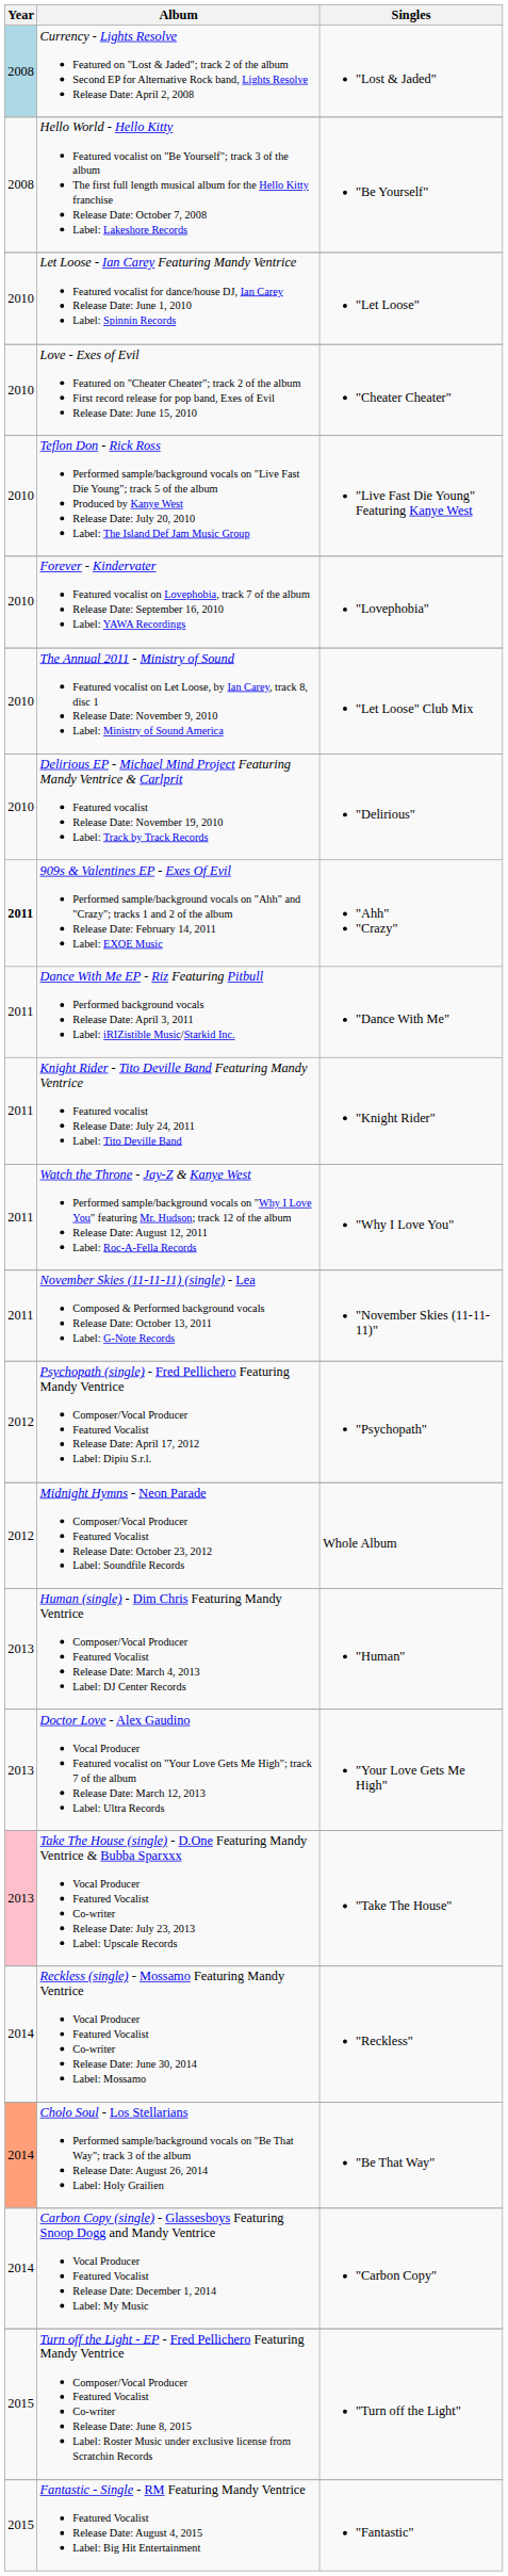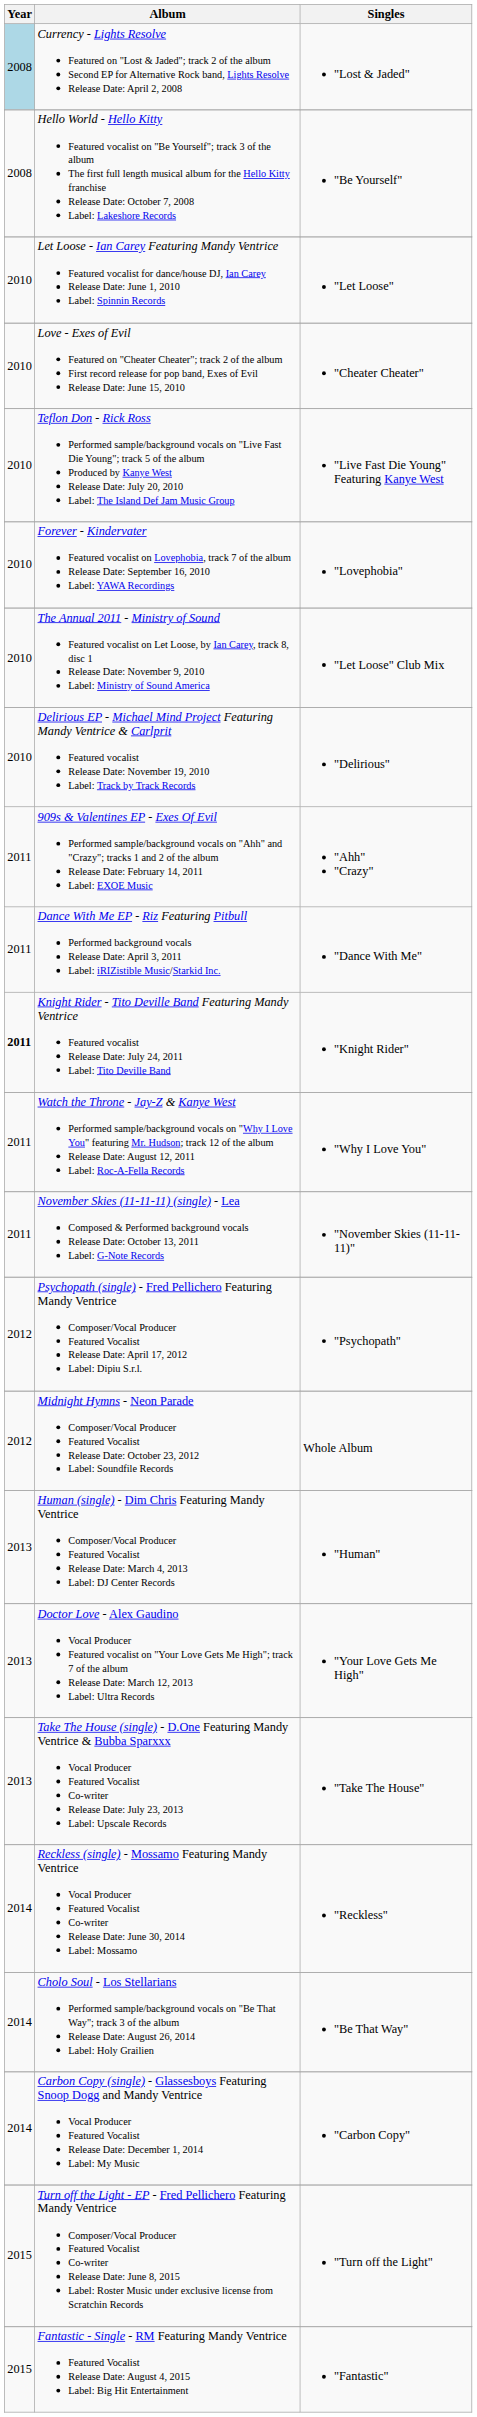 <table class="wikitable">
 <tr>
 <th>Year</th>
 <th>Album</th>
 <th>Singles</th>
 </tr>
 <tr>
 <td style="background: lightblue;">2008</td>
 <td><em>Currency -  <a href='#'>Lights Resolve</a></em><br><ul><li><small>Featured on "Lost & Jaded"; track 2 of the album</small></li><li><small>Second EP for Alternative Rock band, <a href='#'>Lights Resolve</a></small></li><li><small>Release Date: April 2, 2008</small></li></ul></td>
 <td><br><ul><li>"Lost & Jaded"</li></ul></td>
 </tr>
 <tr>
 </tr>
 <tr>
 <td>2008</td>
 <td><em>Hello World -  <a href='#'>Hello Kitty</a></em><br><ul><li><small>Featured vocalist on "Be Yourself"; track 3 of the album</small></li><li><small>The first full length musical album for the <a href='#'>Hello Kitty</a> franchise</small></li><li><small>Release Date: October 7, 2008</small></li><li><small>Label: <a href='#'>Lakeshore Records</a> </small></li></ul></td>
 <td><br><ul><li>"Be Yourself"</li></ul></td>
 </tr>
 <tr>
 </tr>
 <tr>
 <td>2010</td>
 <td><em>Let Loose - <a href='#'>Ian Carey</a> Featuring Mandy Ventrice</em><br><ul><li><small>Featured vocalist for dance/house DJ, <a href='#'>Ian Carey</a></small></li><li><small>Release Date: June 1, 2010</small></li><li><small>Label: <a href='#'>Spinnin Records</a> </small></li></ul></td>
 <td><br><ul><li>"Let Loose"</li></ul></td>
 </tr>
 <tr>
 </tr>
 <tr>
 <td>2010</td>
 <td><em>Love - Exes of Evil</em><br><ul><li><small>Featured on "Cheater Cheater"; track 2 of the album</small></li><li><small>First record release for pop band, Exes of Evil</small></li><li><small>Release Date: June 15, 2010</small></li></ul></td>
 <td><br><ul><li>"Cheater Cheater"</li></ul></td>
 </tr>
 <tr>
 </tr>
 <tr>
 <td>2010</td>
 <td><em><a href='#'>Teflon Don</a> - <a href='#'>Rick Ross</a></em><br><ul><li><small>Performed sample/background vocals on "Live Fast Die Young"; track 5 of the album</small></li><li><small>Produced by <a href='#'>Kanye West</a></small></li><li><small>Release Date: July 20, 2010</small></li><li><small>Label: <a href='#'>The Island Def Jam Music Group</a> </small></li></ul></td>
 <td><br><ul><li>"Live Fast Die Young" Featuring <a href='#'>Kanye West</a></li></ul></td>
 </tr>
 <tr>
 </tr>
 <tr>
 <td>2010</td>
 <td><em><a href='#'>Forever</a> -  <a href='#'>Kindervater</a></em><br><ul><li><small>Featured vocalist on <a href='#'>Lovephobia</a>, track 7 of the album</small></li><li><small>Release Date: September 16, 2010</small></li><li><small>Label: <a href='#'>YAWA Recordings</a> </small></li></ul></td>
 <td><br><ul><li>"Lovephobia"</li></ul></td>
 </tr>
 <tr>
 </tr>
 <tr>
 <td>2010</td>
 <td><em><a href='#'>The Annual 2011</a> -  <a href='#'>Ministry of Sound</a></em><br><ul><li><small>Featured vocalist on Let Loose, by <a href='#'>Ian Carey</a>, track 8, disc 1</small></li><li><small>Release Date: November 9, 2010</small></li><li><small>Label: <a href='#'>Ministry of Sound America</a> </small></li></ul></td>
 <td><br><ul><li>"Let Loose" Club Mix</li></ul></td>
 </tr>
 <tr>
 </tr>
 <tr>
 <td>2010</td>
 <td><em><a href='#'>Delirious EP</a> -  <a href='#'>Michael Mind Project</a> Featuring Mandy Ventrice & <a href='#'>Carlprit</a></em><br><ul><li><small>Featured vocalist</small></li><li><small>Release Date: November 19, 2010</small></li><li><small>Label: <a href='#'>Track by Track Records</a> </small></li></ul></td>
 <td><br><ul><li>"Delirious"</li></ul></td>
 </tr>
 <tr>
-<td><strong>2011</strong></td>
+<td>2011</td>
 <td><em><a href='#'>909s & Valentines EP</a> -  <a href='#'>Exes Of Evil</a></em><br><ul><li><small>Performed sample/background vocals on "Ahh" and "Crazy"; tracks 1 and 2 of the album</small></li><li><small>Release Date: February 14, 2011</small></li><li><small>Label: <a href='#'>EXOE Music</a> </small></li></ul></td>
 <td><br><ul><li>"Ahh"</li><li>"Crazy"</li></ul></td>
 </tr>
 <tr>
 <td>2011</td>
 <td><em><a href='#'>Dance With Me EP</a> -  <a href='#'>Riz</a> Featuring <a href='#'>Pitbull</a></em><br><ul><li><small>Performed background vocals</small></li><li><small>Release Date: April 3, 2011</small></li><li><small>Label: <a href='#'>iRIZistible Music</a>/<a href='#'>Starkid Inc.</a> </small></li></ul></td>
 <td><br><ul><li>"Dance With Me"</li></ul></td>
 </tr>
 <tr>
-<td>2011</td>
+<td><strong>2011</strong></td>
 <td><em><a href='#'>Knight Rider</a> -  <a href='#'>Tito Deville Band</a> Featuring Mandy Ventrice</em><br><ul><li><small>Featured vocalist</small></li><li><small>Release Date: July 24, 2011</small></li><li><small>Label: <a href='#'>Tito Deville Band</a> </small></li></ul></td>
 <td><br><ul><li>"Knight Rider"</li></ul></td>
 </tr>
 <tr>
 </tr>
 <tr>
 <td>2011</td>
 <td><em><a href='#'>Watch the Throne</a> - <a href='#'>Jay-Z</a> & <a href='#'>Kanye West</a></em><br><ul><li><small>Performed sample/background vocals on "<a href='#'>Why I Love You</a>" featuring <a href='#'>Mr. Hudson</a>; track 12 of the album</small></li><li><small>Release Date: August 12, 2011</small></li><li><small>Label: <a href='#'>Roc-A-Fella Records</a> </small></li></ul></td>
 <td><br><ul><li>"Why I Love You"</li></ul></td>
 </tr>
 <tr>
 </tr>
 <tr>
 <td>2011</td>
 <td><em><a href='#'>November Skies (11-11-11) (single)</a></em> - <a href='#'>Lea</a><br><ul><li><small>Composed & Performed background vocals</small></li><li><small>Release Date: October 13, 2011</small></li><li><small>Label: <a href='#'>G-Note Records</a> </small></li></ul></td>
 <td><br><ul><li>"November Skies (11-11-11)"</li></ul></td>
 </tr>
 <tr>
 </tr>
 <tr>
 <td>2012</td>
 <td><em><a href='#'>Psychopath (single)</a></em> - <a href='#'>Fred Pellichero</a> Featuring Mandy Ventrice<br><ul><li><small>Composer/Vocal Producer</small></li><li><small>Featured Vocalist</small></li><li><small>Release Date: April 17, 2012</small></li><li><small>Label: Dipiu S.r.l.</small></li></ul></td>
 <td><br><ul><li>"Psychopath"</li></ul></td>
 </tr>
 <tr>
 </tr>
 <tr>
 <td>2012</td>
 <td><em><a href='#'>Midnight Hymns</a></em> - <a href='#'>Neon Parade</a><br><ul><li><small>Composer/Vocal Producer</small></li><li><small>Featured Vocalist</small></li><li><small>Release Date: October 23, 2012</small></li><li><small>Label: Soundfile Records</small></li></ul></td>
 <td><br>Whole Album</td>
 </tr>
 <tr>
 </tr>
 <tr>
 <td>2013</td>
 <td><em><a href='#'>Human (single)</a></em> - <a href='#'>Dim Chris</a> Featuring Mandy Ventrice<br><ul><li><small>Composer/Vocal Producer</small></li><li><small>Featured Vocalist</small></li><li><small>Release Date: March 4, 2013</small></li><li><small>Label: DJ Center Records</small></li></ul></td>
 <td><br><ul><li>"Human"</li></ul></td>
 </tr>
 <tr>
 </tr>
 <tr>
 <td>2013</td>
 <td><em><a href='#'>Doctor Love</a></em> - <a href='#'>Alex Gaudino</a><br><ul><li><small>Vocal Producer</small></li><li><small>Featured vocalist on "Your Love Gets Me High"; track 7 of the album</small></li><li><small>Release Date: March 12, 2013</small></li><li><small>Label: Ultra Records</small></li></ul></td>
 <td><br><ul><li>"Your Love Gets Me High"</li></ul></td>
 </tr>
 <tr>
 </tr>
 <tr>
-<td style="background: pink;">2013</td>
+<td>2013</td>
 <td><em><a href='#'>Take The House (single)</a></em> - <a href='#'>D.One</a> Featuring Mandy Ventrice & <a href='#'>Bubba Sparxxx</a><br><ul><li><small>Vocal Producer</small></li><li><small>Featured Vocalist</small></li><li><small>Co-writer</small></li><li><small>Release Date: July 23, 2013</small></li><li><small>Label: Upscale Records</small></li></ul></td>
 <td><br><ul><li>"Take The House"</li></ul></td>
 </tr>
 <tr>
 </tr>
 <tr>
 <td>2014</td>
 <td><em><a href='#'>Reckless (single)</a></em> - <a href='#'>Mossamo</a> Featuring Mandy Ventrice<br><ul><li><small>Vocal Producer</small></li><li><small>Featured Vocalist</small></li><li><small>Co-writer</small></li><li><small>Release Date: June 30, 2014</small></li><li><small>Label: Mossamo</small></li></ul></td>
 <td><br><ul><li>"Reckless"</li></ul></td>
 </tr>
 <tr>
 </tr>
 <tr>
-<td style="background: lightsalmon;">2014</td>
+<td>2014</td>
 <td><em><a href='#'>Cholo Soul</a></em> - <a href='#'>Los Stellarians</a><br><ul><li><small>Performed sample/background vocals on "Be That Way"; track 3 of the album</small></li><li><small>Release Date: August 26, 2014</small></li><li><small>Label: Holy Grailien</small></li></ul></td>
 <td><br><ul><li>"Be That Way"</li></ul></td>
 </tr>
 <tr>
 </tr>
 <tr>
 <td>2014</td>
 <td><em><a href='#'>Carbon Copy (single)</a></em> - <a href='#'>Glassesboys</a> Featuring <a href='#'>Snoop Dogg</a> and Mandy Ventrice<br><ul><li><small>Vocal Producer</small></li><li><small>Featured Vocalist</small></li><li><small>Release Date: December 1, 2014</small></li><li><small>Label: My Music</small></li></ul></td>
 <td><br><ul><li>"Carbon Copy"</li></ul></td>
 </tr>
 <tr>
 </tr>
 <tr>
 <td>2015</td>
 <td><em><a href='#'>Turn off the Light - EP</a></em> - <a href='#'>Fred Pellichero</a> Featuring Mandy Ventrice<br><ul><li><small>Composer/Vocal Producer</small></li><li><small>Featured Vocalist</small></li><li><small>Co-writer</small></li><li><small>Release Date: June 8, 2015</small></li><li><small>Label: Roster Music under exclusive license from Scratchin Records</small></li></ul></td>
 <td><br><ul><li>"Turn off the Light"</li></ul></td>
 </tr>
 <tr>
 </tr>
 <tr>
 <td>2015</td>
 <td><em><a href='#'>Fantastic - Single</a></em> - <a href='#'>RM</a> Featuring Mandy Ventrice<br><ul><li><small>Featured Vocalist</small></li><li><small>Release Date: August 4, 2015</small></li><li><small>Label: Big Hit Entertainment</small></li></ul></td>
 <td><br><ul><li>"Fantastic"</li></ul></td>
 </tr>
 </table>
